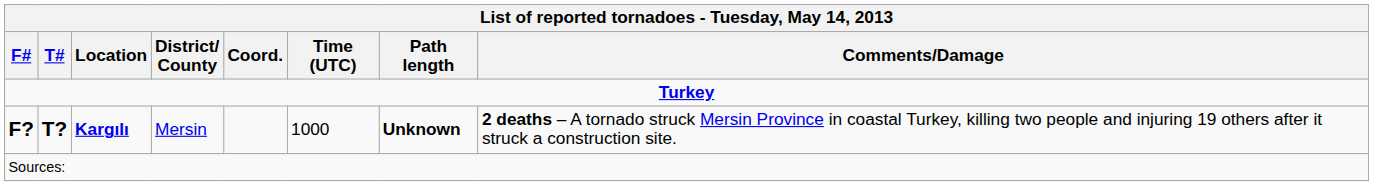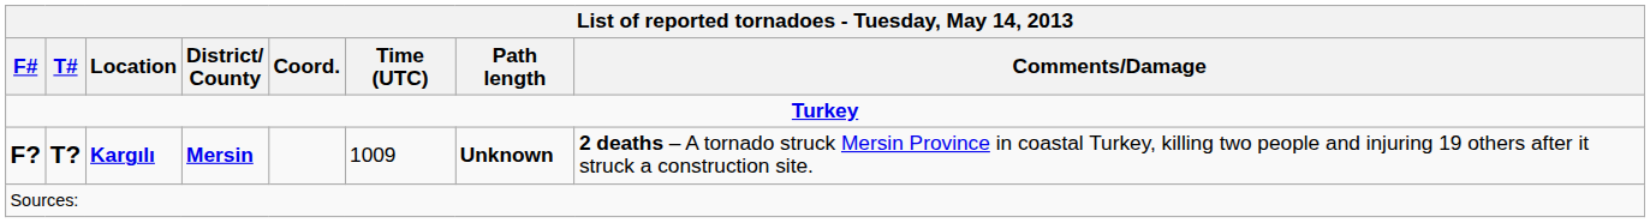 <table class="wikitable collapsible" width="100%">
 <tr>
 <th colspan="8">List of reported tornadoes - Tuesday, May 14, 2013</th>
 </tr>
 <tr>
 <th><a href='#'>F#</a></th>
 <th><a href='#'>T#</a></th>
 <th>Location</th>
 <th>District/<br>County</th>
 <th>Coord.</th>
 <th>Time (UTC)</th>
 <th>Path length</th>
 <th>Comments/Damage</th>
 </tr>
 <tr>
 <td colspan="8" align=center><strong><a href='#'>Turkey</a></strong></td>
 </tr>
 <tr>
 <td><big><strong>F?</strong></big></td>
 <td><big><strong>T?</strong></big></td>
 <td><strong><a href='#'>Kargılı</a></strong></td>
-<td><a href='#'>Mersin</a></td>
+<td><strong><a href='#'>Mersin</a></strong></td>
 <td></td>
-<td>1000</td>
+<td>1009</td>
 <td><strong>Unknown</strong></td>
 <td><strong>2 deaths</strong> – A tornado struck <a href='#'>Mersin Province</a> in coastal Turkey, killing two people and injuring 19 others after it struck a construction site.</td>
 </tr>
 <tr>
 <td colspan="8"><small>Sources:  </small></td>
 </tr>
 </table>
